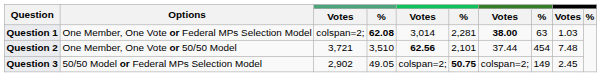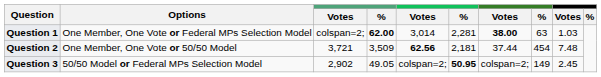 <table class="wikitable sortable" style=text-align:center;font-size:100%>
 <tr>
 <th rowspan=2; align="center">Question</th>
 <th rowspan=2; align="center">Options</th>
 <th colspan=2; style=background:#4EA47A></th>
 <th colspan=2; style=background:#10C25B></th>
 <th colspan=2; style=background:#357D26></th>
 <th colspan=2; style=background:#000000></th>
 </tr>
 <tr>
 <th align=center>Votes</th>
 <th align=center>%</th>
 <th align=center>Votes</th>
 <th align=center>%</th>
 <th align=center>Votes</th>
 <th align=center>%</th>
 <th align=center>Votes</th>
 <th align=center>%</th>
 </tr>
 <tr>
 <td align=left; style=background:#EAECF0><strong>Question 1</strong></td>
 <td align=left>One Member, One Vote <strong>or</strong> Federal MPs Selection Model</td>
 <td>colspan=2; </td>
-<td> <strong>62.08</strong></td>
+<td> <strong>62.00</strong></td>
 <td>3,014</td>
 <td>2,281</td>
 <td><strong>38.00</strong></td>
 <td>63</td>
 <td>1.03</td>
 </tr>
 <tr>
 <td align=left; style=background:#EAECF0><strong>Question 2</strong></td>
 <td align=left>One Member, One Vote <strong>or</strong> 50/50 Model</td>
 <td>3,721</td>
-<td>3,510</td>
+<td>3,509</td>
 <td> <strong>62.56</strong></td>
-<td>2,101</td>
+<td>2,181</td>
 <td>37.44</td>
 <td>454</td>
 <td>7.48</td>
 </tr>
 <tr>
 <td align=left; style=background:#EAECF0><strong>Question 3</strong></td>
 <td align=left>50/50 Model <strong>or</strong> Federal MPs Selection Model</td>
 <td>2,902</td>
 <td>49.05</td>
 <td>colspan=2; </td>
-<td> <strong>50.75</strong></td>
+<td> <strong>50.95</strong></td>
 <td>colspan=2; </td>
 <td>149</td>
 <td>2.45</td>
 </tr>
 </table>
